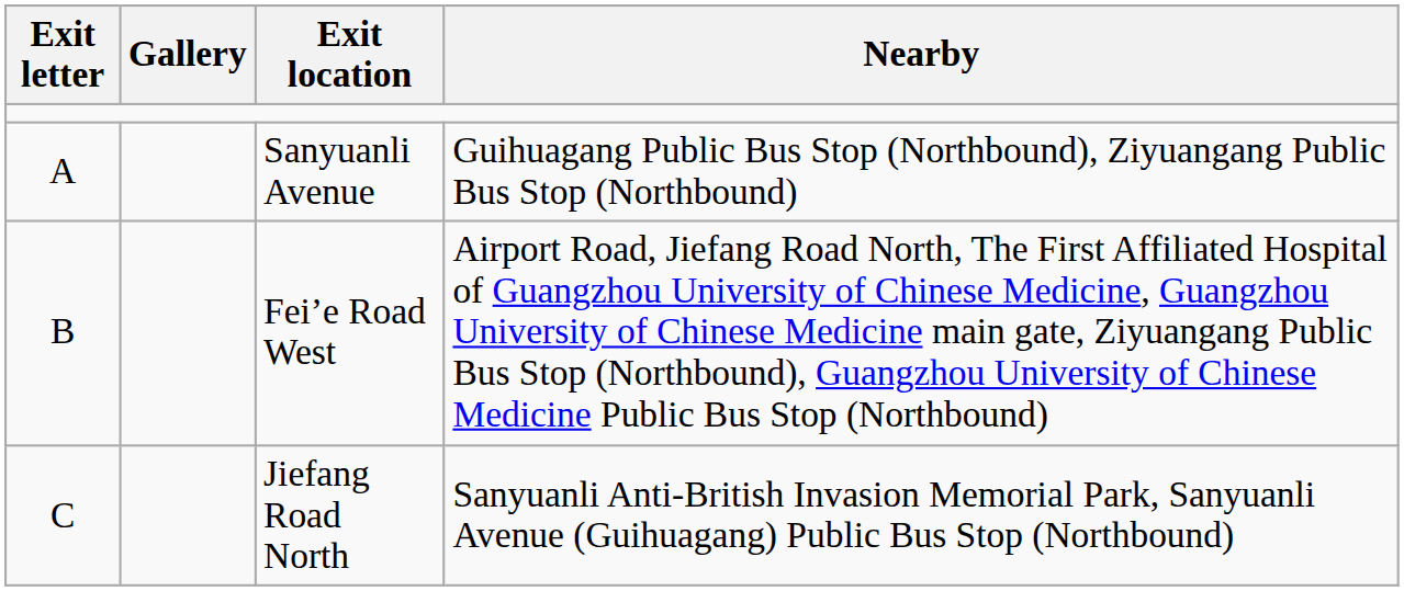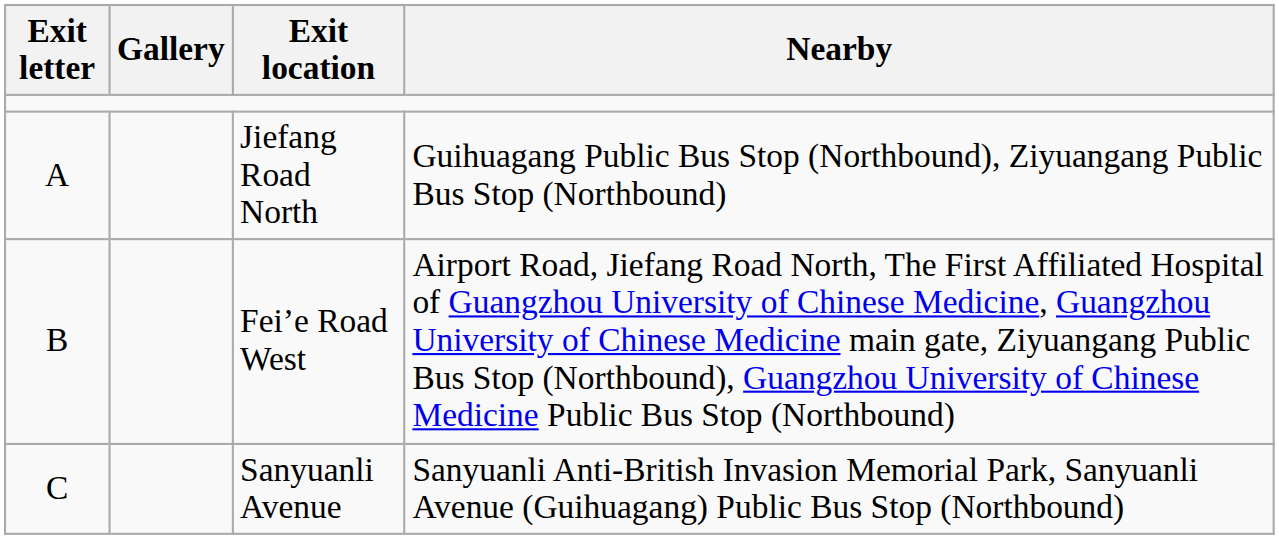 <table class="wikitable">
 <tr>
 <th style="width:70px" colspan="3">Exit letter</th>
 <th>Gallery</th>
 <th>Exit location</th>
 <th>Nearby</th>
 </tr>
 <tr style="background:#">
 <td colspan = "6"></td>
 </tr>
 <tr>
 <td align="center" colspan="3">A</td>
 <td></td>
-<td>Sanyuanli Avenue</td>
+<td>Jiefang Road North</td>
 <td>Guihuagang Public Bus Stop (Northbound), Ziyuangang Public Bus Stop (Northbound)</td>
 </tr>
 <tr>
 <td align="center" colspan="3">B</td>
 <td></td>
 <td>Fei’e Road West</td>
 <td>Airport Road, Jiefang Road North, The First Affiliated Hospital of <a href='#'>Guangzhou University of Chinese Medicine</a>, <a href='#'>Guangzhou University of Chinese Medicine</a> main gate, Ziyuangang Public Bus Stop (Northbound), <a href='#'>Guangzhou University of Chinese Medicine</a> Public Bus Stop (Northbound)</td>
 </tr>
 <tr>
 <td align="center" colspan="3">C</td>
 <td><br></td>
-<td>Jiefang Road North</td>
+<td>Sanyuanli Avenue</td>
 <td>Sanyuanli Anti-British Invasion Memorial Park, Sanyuanli Avenue (Guihuagang) Public Bus Stop (Northbound)</td>
 </tr>
 </table>
